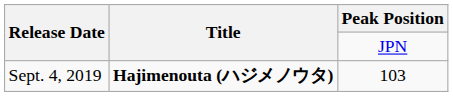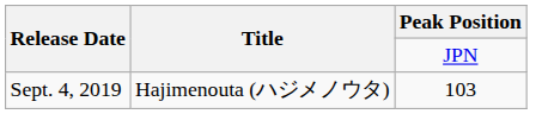 <table class="wikitable">
 <tr>
 <th scope="col" rowspan="2">Release Date</th>
 <th scope="col" rowspan="2">Title</th>
 <th scope="col" colspan="1">Peak Position</th>
 </tr>
 <tr>
 <td align="center"><a href='#'>JPN</a><br></td>
 </tr>
 <tr>
 <td>Sept. 4, 2019</td>
-<td><strong>Hajimenouta (ハジメノウタ)</strong></td>
+<td>Hajimenouta (ハジメノウタ)</td>
 <td align="center">103</td>
 </tr>
 </table>
